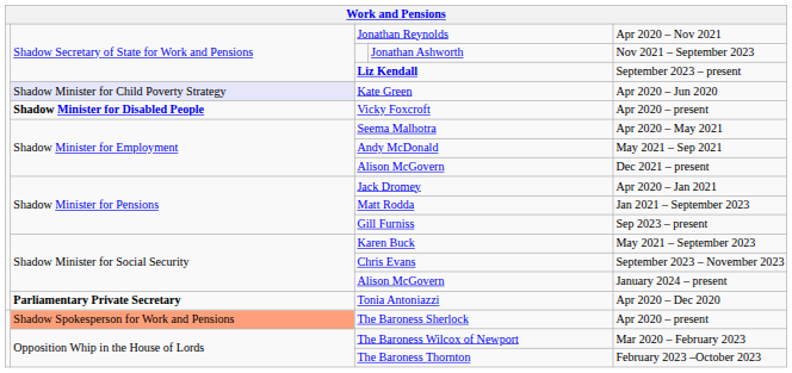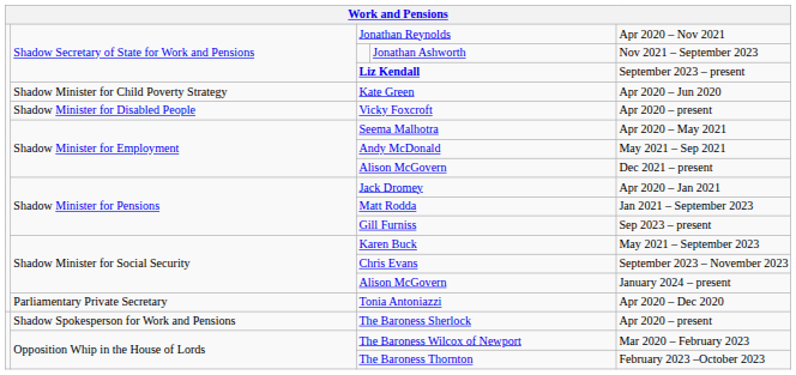 <table class="wikitable">
 <tr>
 <th colspan="5"><a href='#'>Work and Pensions</a></th>
 </tr>
 <tr>
 <td rowspan="15" style="background: "></td>
 <td rowspan="3" style="width: 450px;"><a href='#'>Shadow Secretary of State for Work and Pensions</a></td>
 <td colspan="2" style="width: 337px;"><a href='#'>Jonathan Reynolds</a></td>
 <td>Apr 2020 – Nov 2021</td>
 </tr>
 <tr>
 <td style="background: "></td>
 <td><a href='#'>Jonathan Ashworth</a></td>
 <td>Nov 2021 – September 2023</td>
 </tr>
 <tr>
 <td colspan="2"><strong><a href='#'>Liz Kendall</a></strong></td>
 <td>September 2023 – present</td>
 </tr>
 <tr>
-<td style="background: lavender;">Shadow Minister for Child Poverty Strategy</td>
+<td>Shadow Minister for Child Poverty Strategy</td>
 <td colspan="2"><a href='#'>Kate Green</a></td>
 <td>Apr 2020 – Jun 2020</td>
 </tr>
 <tr>
-<td><strong>Shadow <a href='#'>Minister for Disabled People</a></strong></td>
+<td>Shadow <a href='#'>Minister for Disabled People</a></td>
 <td colspan="2"><a href='#'>Vicky Foxcroft</a></td>
 <td>Apr 2020 – present</td>
 </tr>
 <tr>
 <td rowspan="3">Shadow <a href='#'>Minister for Employment</a></td>
 <td colspan="2"><a href='#'>Seema Malhotra</a></td>
 <td>Apr 2020 – May 2021</td>
 </tr>
 <tr>
 <td colspan="2"><a href='#'>Andy McDonald</a></td>
 <td>May 2021 – Sep 2021</td>
 </tr>
 <tr>
 <td colspan="2"><a href='#'>Alison McGovern</a></td>
 <td>Dec 2021 – present</td>
 </tr>
 <tr>
 <td rowspan="3">Shadow <a href='#'>Minister for Pensions</a></td>
 <td colspan="2"><a href='#'>Jack Dromey</a></td>
 <td>Apr 2020 – Jan 2021</td>
 </tr>
 <tr>
 <td colspan="2"><a href='#'>Matt Rodda</a></td>
 <td>Jan 2021 – September 2023</td>
 </tr>
 <tr>
 <td colspan="2"><a href='#'>Gill Furniss</a></td>
 <td>Sep 2023 – present</td>
 </tr>
 <tr>
 <td rowspan="3">Shadow Minister for Social Security</td>
 <td colspan="2"><a href='#'>Karen Buck</a></td>
 <td>May 2021 – September 2023</td>
 </tr>
 <tr>
 <td colspan="2"><a href='#'>Chris Evans</a></td>
 <td>September 2023 – November 2023</td>
 </tr>
 <tr>
 <td colspan="2"><a href='#'>Alison McGovern</a></td>
 <td>January 2024 – present</td>
 </tr>
 <tr>
-<td><strong>Parliamentary Private Secretary</strong></td>
+<td>Parliamentary Private Secretary</td>
 <td colspan="2"><a href='#'>Tonia Antoniazzi</a></td>
 <td>Apr 2020 – Dec 2020</td>
 </tr>
 <tr>
 <td rowspan="3" style="background: "></td>
-<td rowspan="1" style="background: lightsalmon;">Shadow Spokesperson for Work and Pensions</td>
+<td rowspan="1">Shadow Spokesperson for Work and Pensions</td>
 <td colspan="2"><a href='#'>The Baroness Sherlock</a></td>
 <td>Apr 2020 – present</td>
 </tr>
 <tr>
 <td rowspan="2">Opposition Whip in the House of Lords</td>
 <td colspan="2"><a href='#'>The Baroness Wilcox of Newport</a></td>
 <td>Mar 2020 – February 2023</td>
 </tr>
 <tr>
 <td colspan="2"><a href='#'>The Baroness Thornton</a></td>
 <td>February 2023 –October 2023</td>
 </tr>
 </table>
